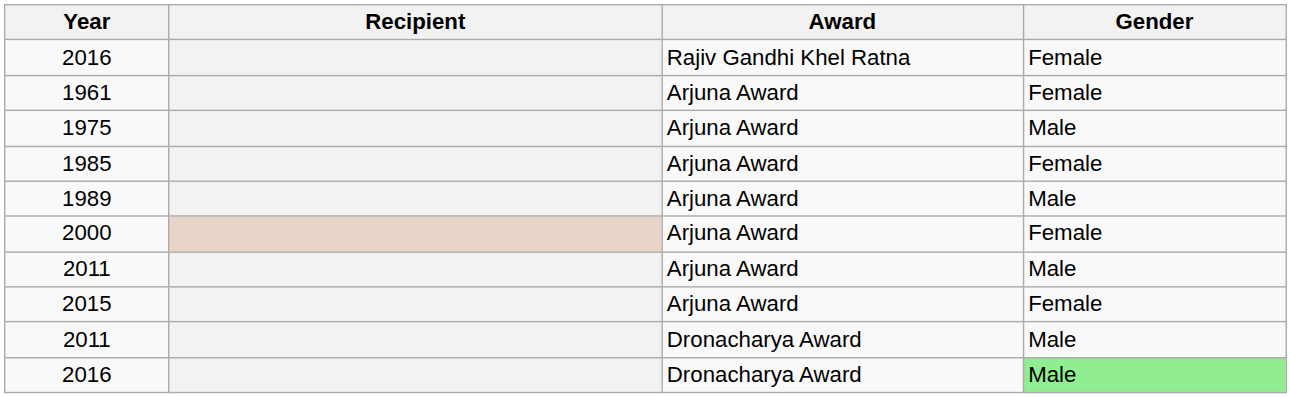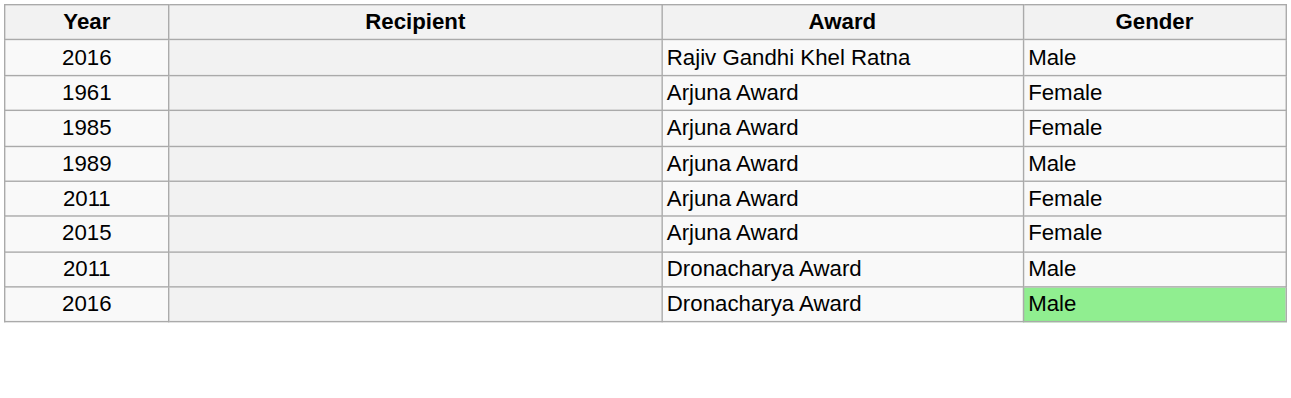 <table class="wikitable plainrowheaders sortable" style="width:73%">
 <tr>
 <th scope="col" style="width:10%">Year</th>
 <th scope="col" style="width:30%">Recipient</th>
 <th scope="col" style="width:22%">Award</th>
 <th scope="col" style="width:16%">Gender</th>
 </tr>
 <tr>
 <td style="text-align:center;">2016</td>
 <th scope="row"></th>
 <td>Rajiv Gandhi Khel Ratna</td>
-<td>Female</td>
+<td>Male</td>
 </tr>
 <tr>
 <td style="text-align:center;">1961</td>
 <th scope="row"></th>
 <td>Arjuna Award</td>
 <td>Female</td>
-</tr>
-<tr>
-<td style="text-align:center;">1975</td>
-<th scope="row"></th>
-<td>Arjuna Award</td>
-<td>Male</td>
 </tr>
 <tr>
 <td style="text-align:center;">1985</td>
 <th scope="row"></th>
 <td>Arjuna Award</td>
 <td>Female</td>
 </tr>
 <tr>
 <td style="text-align:center;">1989</td>
 <th scope="row"></th>
 <td>Arjuna Award</td>
 <td>Male</td>
 </tr>
 <tr>
-<td style="text-align:center;">2000</td>
-<th scope="row" style="background-color:#E9D4C9"> </th>
-<td>Arjuna Award</td>
-<td>Female</td>
-</tr>
-<tr>
 <td style="text-align:center;">2011</td>
 <th scope="row"></th>
 <td>Arjuna Award</td>
-<td>Male</td>
+<td>Female</td>
 </tr>
 <tr>
 <td style="text-align:center;">2015</td>
 <th scope="row"></th>
 <td>Arjuna Award</td>
 <td>Female</td>
 </tr>
 <tr>
 <td style="text-align:center;">2011</td>
 <th scope="row"></th>
 <td>Dronacharya Award</td>
 <td>Male</td>
 </tr>
 <tr>
 <td style="text-align:center;">2016</td>
 <th scope="row"></th>
 <td>Dronacharya Award</td>
 <td style="background: lightgreen;">Male</td>
 </tr>
 </table>
